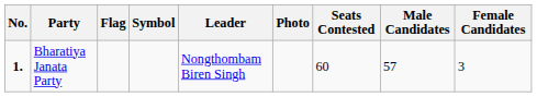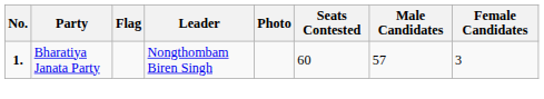 <table class="wikitable"  width="50%">
 <tr>
 <th>No.</th>
 <th>Party</th>
 <th>Flag</th>
-<th>Symbol</th>
 <th>Leader</th>
 <th>Photo</th>
 <th>Seats Contested</th>
 <th>Male Candidates</th>
 <th>Female Candidates</th>
 </tr>
 <tr>
 <td ! style="text-align:center; background:"><strong>1.</strong></td>
 <td><a href='#'>Bharatiya Janata Party</a></td>
 <td></td>
-<td></td>
 <td><a href='#'>Nongthombam Biren Singh</a></td>
 <td></td>
 <td>60</td>
 <td>57</td>
 <td>3</td>
 </tr>
 </table>
